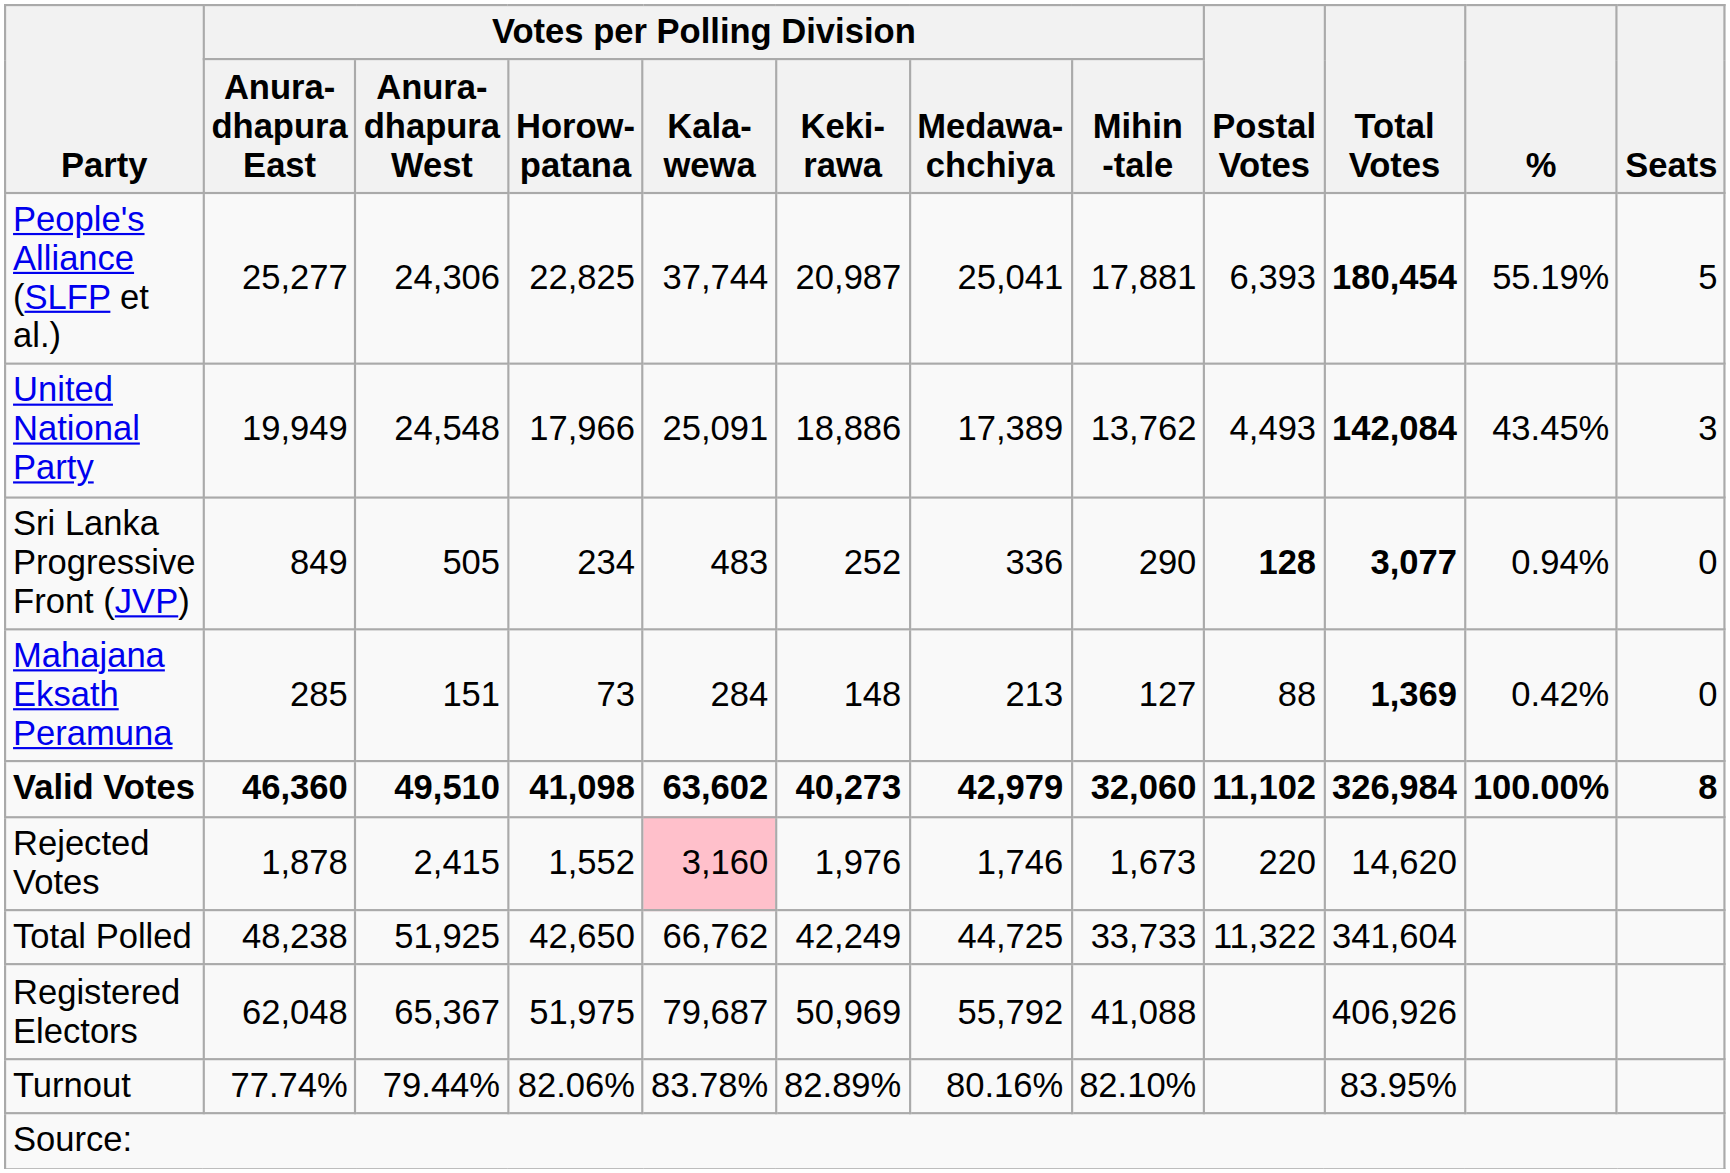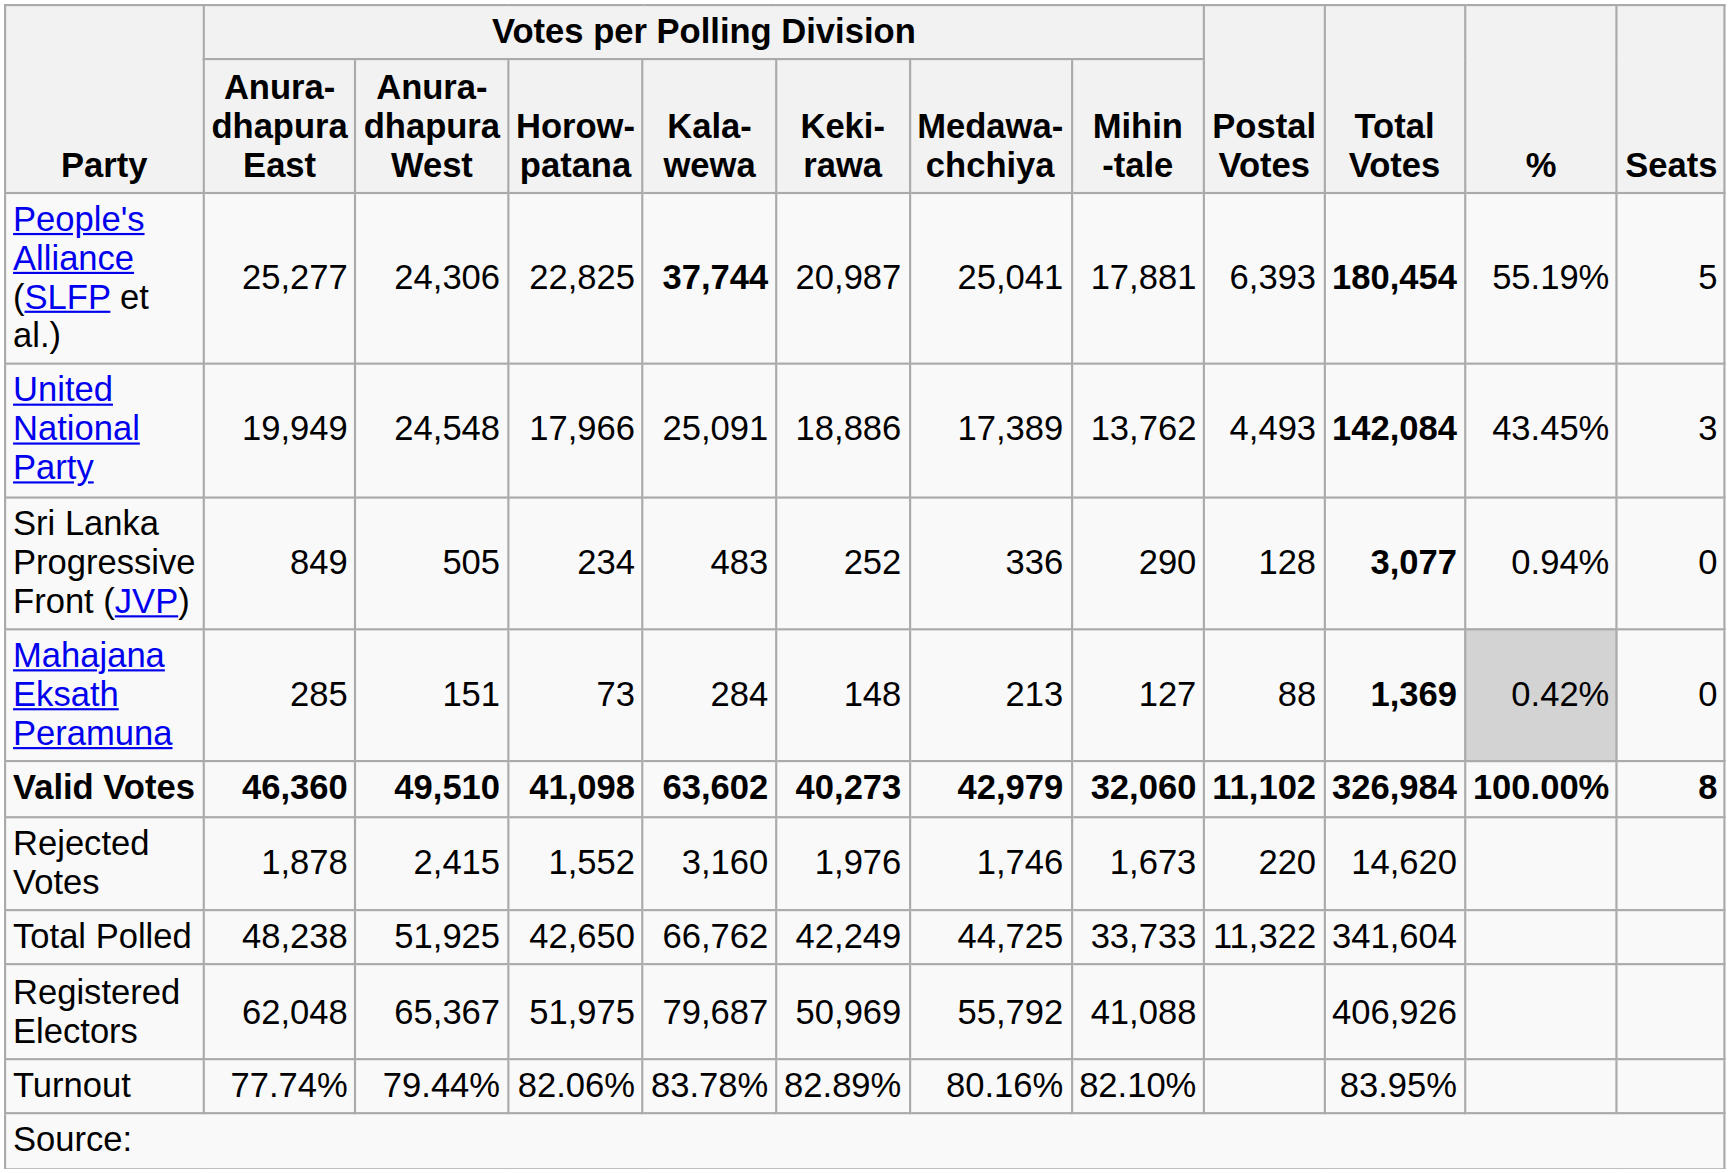 <table class="wikitable" border="1" style="text-align:right;">
 <tr>
 <th align=left valign=bottom rowspan=2 width="180">Party</th>
 <th colspan=7>Votes per Polling Division</th>
 <th align=center valign=bottom rowspan=2 width="50">Postal<br>Votes</th>
 <th align=center valign=bottom rowspan=2 width="50">Total Votes</th>
 <th align=center valign=bottom rowspan=2 width="50">%</th>
 <th align=center valign=bottom rowspan=2 width="40">Seats</th>
 </tr>
 <tr>
 <th align=center valign=bottom width="50">Anura-<br>dhapura<br>East</th>
 <th align=center valign=bottom width="50">Anura-<br>dhapura<br>West</th>
 <th align=center valign=bottom width="50">Horow-<br>patana</th>
 <th align=center valign=bottom width="50">Kala-<br>wewa</th>
 <th align=center valign=bottom width="50">Keki-<br>rawa</th>
 <th align=center valign=bottom width="50">Medawa-<br>chchiya</th>
 <th align=center valign=bottom width="50">Mihin<br>-tale</th>
 </tr>
 <tr>
 <td align=left><a href='#'>People's Alliance</a> (<a href='#'>SLFP</a> et al.)</td>
 <td>25,277</td>
 <td>24,306</td>
 <td>22,825</td>
-<td>37,744</td>
+<td><strong>37,744</strong></td>
 <td>20,987</td>
 <td>25,041</td>
 <td>17,881</td>
 <td>6,393</td>
 <td><strong>180,454</strong></td>
 <td>55.19%</td>
 <td>5</td>
 </tr>
 <tr>
 <td align=left><a href='#'>United National Party</a></td>
 <td>19,949</td>
 <td>24,548</td>
 <td>17,966</td>
 <td>25,091</td>
 <td>18,886</td>
 <td>17,389</td>
 <td>13,762</td>
 <td>4,493</td>
 <td><strong>142,084</strong></td>
 <td>43.45%</td>
 <td>3</td>
 </tr>
 <tr>
 <td align=left>Sri Lanka Progressive Front (<a href='#'>JVP</a>)</td>
 <td>849</td>
 <td>505</td>
 <td>234</td>
 <td>483</td>
 <td>252</td>
 <td>336</td>
 <td>290</td>
-<td><strong>128</strong></td>
+<td>128</td>
 <td><strong>3,077</strong></td>
 <td>0.94%</td>
 <td>0</td>
 </tr>
 <tr>
 <td align=left><a href='#'>Mahajana Eksath Peramuna</a></td>
 <td>285</td>
 <td>151</td>
 <td>73</td>
 <td>284</td>
 <td>148</td>
 <td>213</td>
 <td>127</td>
 <td>88</td>
 <td><strong>1,369</strong></td>
-<td>0.42%</td>
+<td style="background: lightgrey;">0.42%</td>
 <td>0</td>
 </tr>
 <tr>
 <td align=left><strong>Valid Votes</strong></td>
 <td><strong>46,360</strong></td>
 <td><strong>49,510</strong></td>
 <td><strong>41,098</strong></td>
 <td><strong>63,602</strong></td>
 <td><strong>40,273</strong></td>
 <td><strong>42,979</strong></td>
 <td><strong>32,060</strong></td>
 <td><strong>11,102</strong></td>
 <td><strong>326,984</strong></td>
 <td><strong>100.00%</strong></td>
 <td><strong>8</strong></td>
 </tr>
 <tr>
 <td align=left>Rejected Votes</td>
 <td>1,878</td>
 <td>2,415</td>
 <td>1,552</td>
-<td style="background: pink;">3,160</td>
+<td>3,160</td>
 <td>1,976</td>
 <td>1,746</td>
 <td>1,673</td>
 <td>220</td>
 <td>14,620</td>
 <td></td>
 <td></td>
 </tr>
 <tr>
 <td align=left>Total Polled</td>
 <td>48,238</td>
 <td>51,925</td>
 <td>42,650</td>
 <td>66,762</td>
 <td>42,249</td>
 <td>44,725</td>
 <td>33,733</td>
 <td>11,322</td>
 <td>341,604</td>
 <td></td>
 <td></td>
 </tr>
 <tr>
 <td align=left>Registered Electors</td>
 <td>62,048</td>
 <td>65,367</td>
 <td>51,975</td>
 <td>79,687</td>
 <td>50,969</td>
 <td>55,792</td>
 <td>41,088</td>
 <td></td>
 <td>406,926</td>
 <td></td>
 <td></td>
 </tr>
 <tr>
 <td align=left>Turnout</td>
 <td>77.74%</td>
 <td>79.44%</td>
 <td>82.06%</td>
 <td>83.78%</td>
 <td>82.89%</td>
 <td>80.16%</td>
 <td>82.10%</td>
 <td></td>
 <td>83.95%</td>
 <td></td>
 <td></td>
 </tr>
 <tr>
 <td align=left colspan=13>Source:</td>
 </tr>
 </table>
